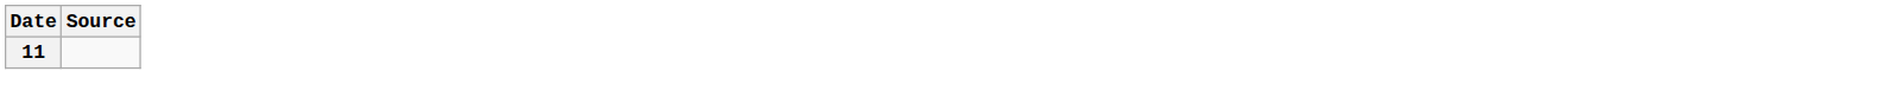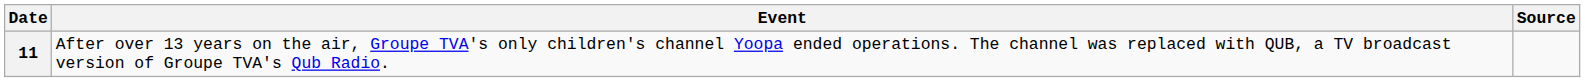 <table class="wikitable">
 <tr>
 <th>Date</th>
+<th>Event</th>
 <th>Source</th>
 </tr>
 <tr>
 <th>11</th>
+<td>After over 13 years on the air, <a href='#'>Groupe TVA</a>'s only children's channel <a href='#'>Yoopa</a> ended operations. The channel was replaced with QUB, a TV broadcast version of Groupe TVA's <a href='#'>Qub Radio</a>.</td>
 <td></td>
 </tr>
 </table>
